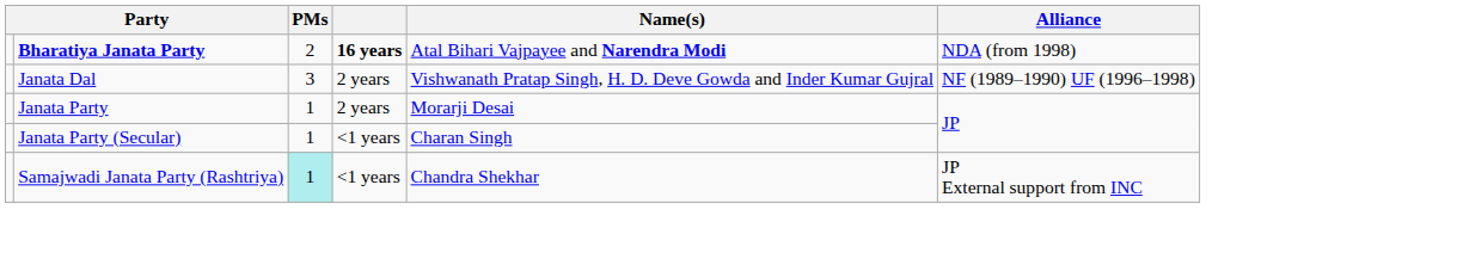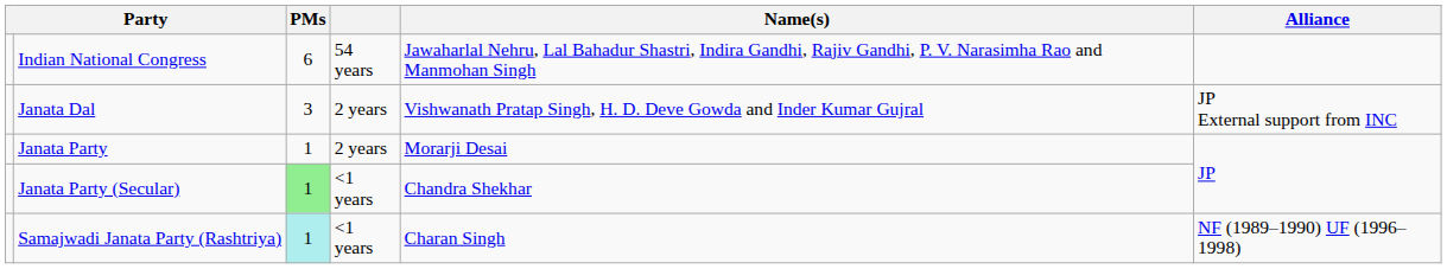 <table class="wikitable">
 <tr>
 <th colspan="2">Party</th>
 <th>PMs</th>
 <th></th>
 <th>Name(s)</th>
 <th><a href='#'>Alliance</a></th>
 </tr>
 <tr>
 <td style="background:"></td>
-<td><strong><a href='#'>Bharatiya Janata Party</a></strong></td>
-<td style="text-align: center;">2</td>
-<td><strong>16 years</strong></td>
-<td><a href='#'>Atal Bihari Vajpayee</a> and <strong><a href='#'>Narendra Modi</a></strong></td>
-<td><a href='#'>NDA</a> (from 1998)</td>
+<td><a href='#'>Indian National Congress</a></td>
+<td style="text-align: center;">6</td>
+<td>54 years</td>
+<td><a href='#'>Jawaharlal Nehru</a>, <a href='#'>Lal Bahadur Shastri</a>, <a href='#'>Indira Gandhi</a>, <a href='#'>Rajiv Gandhi</a>, <a href='#'>P. V. Narasimha Rao</a> and <a href='#'>Manmohan Singh</a></td>
+<td></td>
 </tr>
 <tr>
 <td style="background:"></td>
 <td><a href='#'>Janata Dal</a></td>
 <td style="text-align: center;">3</td>
 <td>2 years</td>
 <td><a href='#'>Vishwanath Pratap Singh</a>, <a href='#'>H. D. Deve Gowda</a> and <a href='#'>Inder Kumar Gujral</a></td>
-<td><a href='#'>NF</a> (1989–1990) <a href='#'>UF</a> (1996–1998)</td>
+<td>JP<br>External support from <a href='#'>INC</a></td>
 </tr>
 <tr>
 <td style="background:"></td>
 <td><a href='#'>Janata Party</a></td>
 <td style="text-align: center;">1</td>
 <td>2 years</td>
 <td><a href='#'>Morarji Desai</a></td>
 <td rowspan="2"><a href='#'>JP</a></td>
 </tr>
 <tr>
 <td style="background:"></td>
 <td><a href='#'>Janata Party (Secular)</a></td>
-<td style="text-align:  center;">1</td>
+<td style="background: lightgreen; text-align:  center;">1</td>
 <td><1 years</td>
-<td><a href='#'>Charan Singh</a></td>
+<td><a href='#'>Chandra Shekhar</a></td>
 </tr>
 <tr>
 <td style="background:"></td>
 <td nowrap=""><a href='#'>Samajwadi Janata Party (Rashtriya)</a></td>
 <td style="background: paleturquoise; text-align: center;">1</td>
 <td><1 years</td>
-<td><a href='#'>Chandra Shekhar</a></td>
-<td>JP<br>External support from <a href='#'>INC</a></td>
+<td><a href='#'>Charan Singh</a></td>
+<td><a href='#'>NF</a> (1989–1990) <a href='#'>UF</a> (1996–1998)</td>
 </tr>
 </table>
